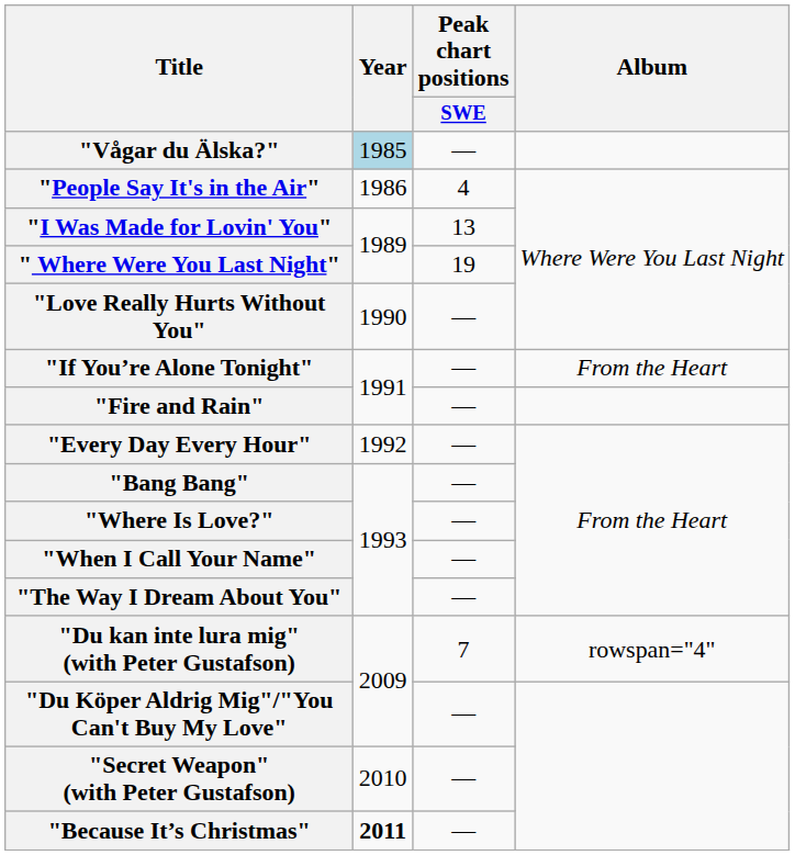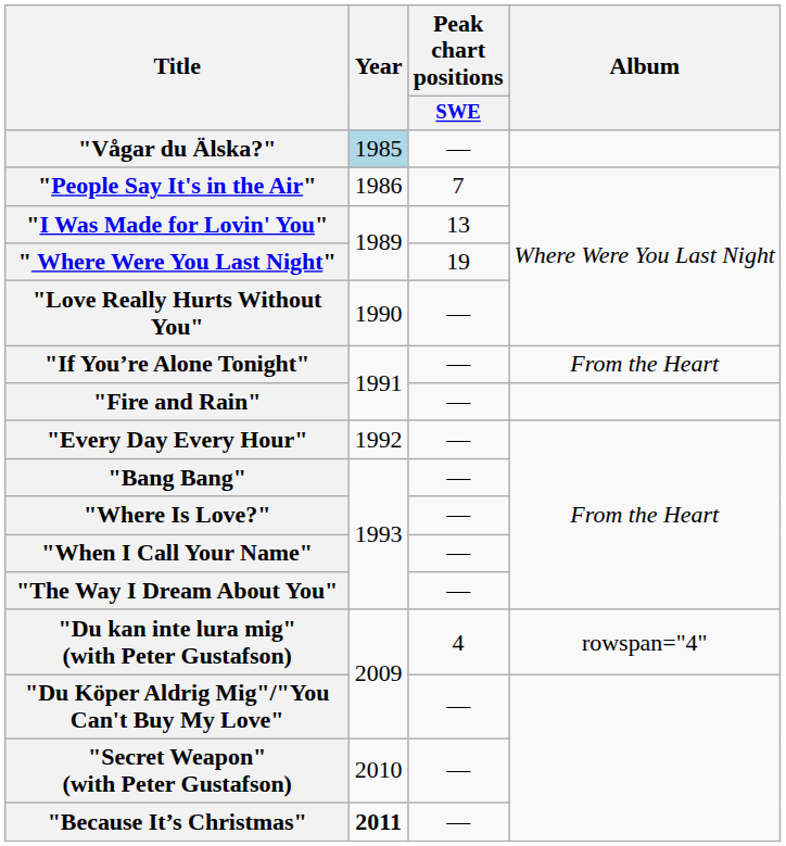 <table class="wikitable plainrowheaders" style="text-align:center;">
 <tr>
 <th scope="col" rowspan="2" style="width:14em;">Title</th>
 <th scope="col" rowspan="2" style="width:1em;">Year</th>
 <th scope="col" colspan="1">Peak chart positions</th>
 <th scope="col" rowspan="2">Album</th>
 </tr>
 <tr>
 <th scope="col" style="width:3em; font-size:85%;"><a href='#'>SWE</a><br></th>
 </tr>
 <tr>
 <th scope="row">"Vågar du Älska?"</th>
 <td style="background: lightblue;">1985</td>
 <td>—</td>
 <td></td>
 </tr>
 <tr>
 <th scope="row">"<a href='#'>People Say It's in the Air</a>"</th>
 <td>1986</td>
-<td>4</td>
+<td>7</td>
 <td rowspan="4"><em>Where Were You Last Night</em></td>
 </tr>
 <tr>
 <th scope="row">"<a href='#'>I Was Made for Lovin' You</a>"</th>
 <td rowspan="2">1989</td>
 <td>13</td>
 </tr>
 <tr>
 <th scope="row">"<a href='#'> Where Were You Last Night</a>"</th>
 <td>19</td>
 </tr>
 <tr>
 <th scope="row">"Love Really Hurts Without You"</th>
 <td>1990</td>
 <td>—</td>
 </tr>
 <tr>
 <th scope="row">"If You’re Alone Tonight"</th>
 <td rowspan="2">1991</td>
 <td>—</td>
 <td><em>From the Heart</em></td>
 </tr>
 <tr>
 <th scope="row">"Fire and Rain"</th>
 <td>—</td>
 <td></td>
 </tr>
 <tr>
 <th scope="row">"Every Day Every Hour"</th>
 <td>1992</td>
 <td>—</td>
 <td rowspan="5"><em>From the Heart</em></td>
 </tr>
 <tr>
 <th scope="row">"Bang Bang"</th>
 <td rowspan="4">1993</td>
 <td>—</td>
 </tr>
 <tr>
 <th scope="row">"Where Is Love?"</th>
 <td>—</td>
 </tr>
 <tr>
 <th scope="row">"When I Call Your Name"</th>
 <td>—</td>
 </tr>
 <tr>
 <th scope="row">"The Way I Dream About You"</th>
 <td>—</td>
 </tr>
 <tr>
 <th scope="row">"Du kan inte lura mig" <br> (with Peter Gustafson)</th>
 <td rowspan="2">2009</td>
-<td>7</td>
+<td>4</td>
 <td>rowspan="4" </td>
 </tr>
 <tr>
 <th scope="row">"Du Köper Aldrig Mig"/"You Can't Buy My Love"</th>
 <td>—</td>
 </tr>
 <tr>
 <th scope="row">"Secret Weapon" <br> (with Peter Gustafson)</th>
 <td>2010</td>
 <td>—</td>
 </tr>
 <tr>
 <th scope="row">"Because It’s Christmas"</th>
 <td><strong>2011</strong></td>
 <td>—</td>
 </tr>
 </table>
